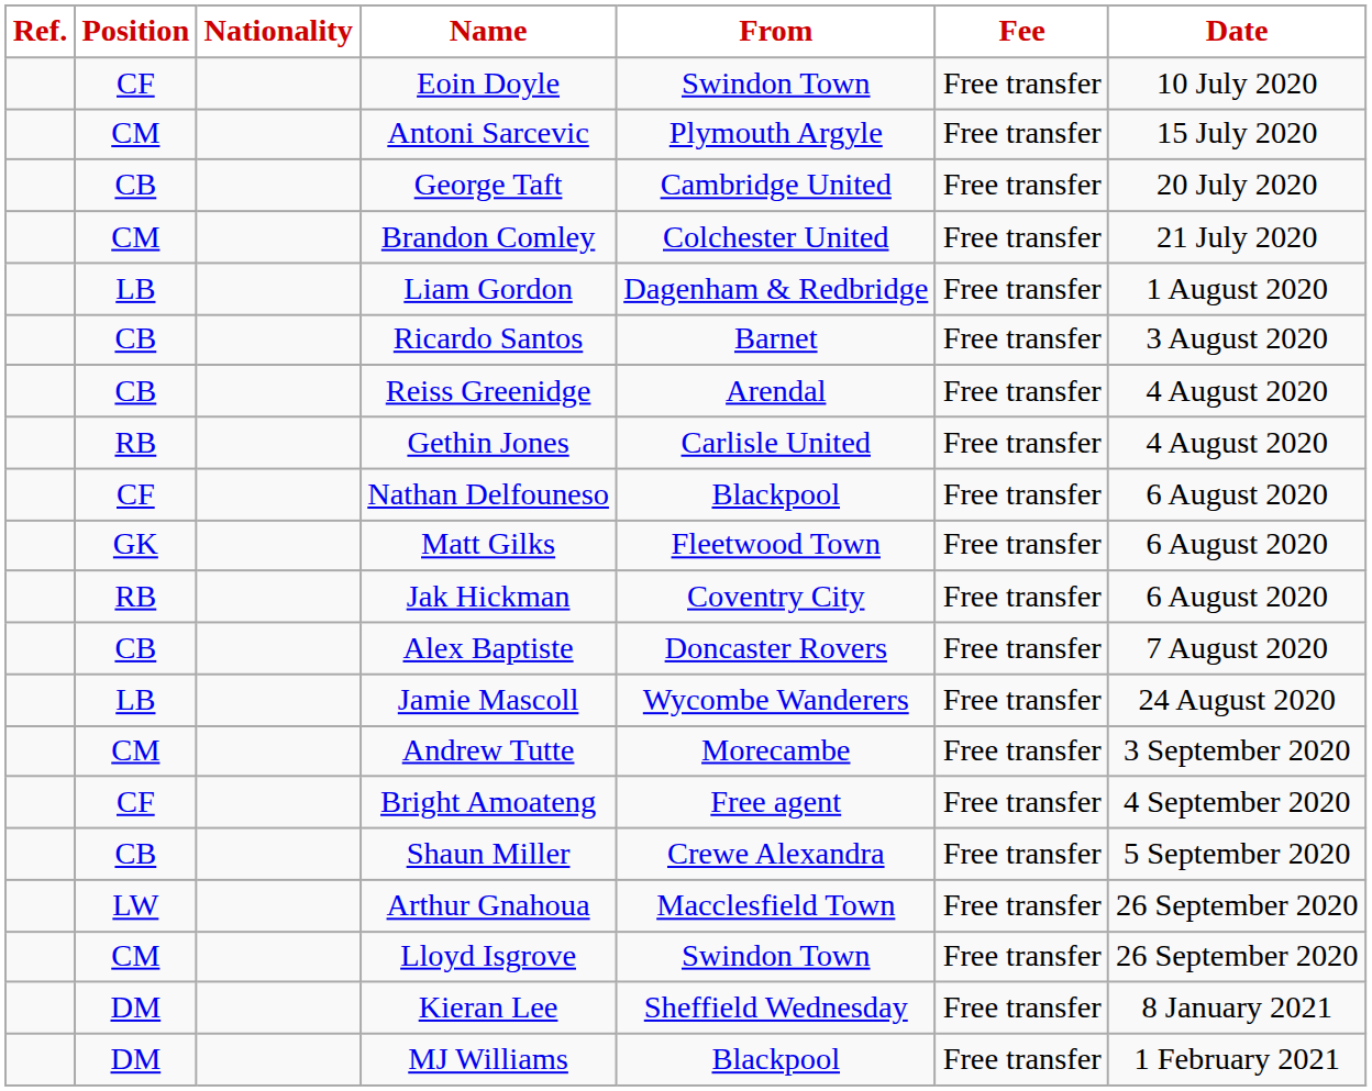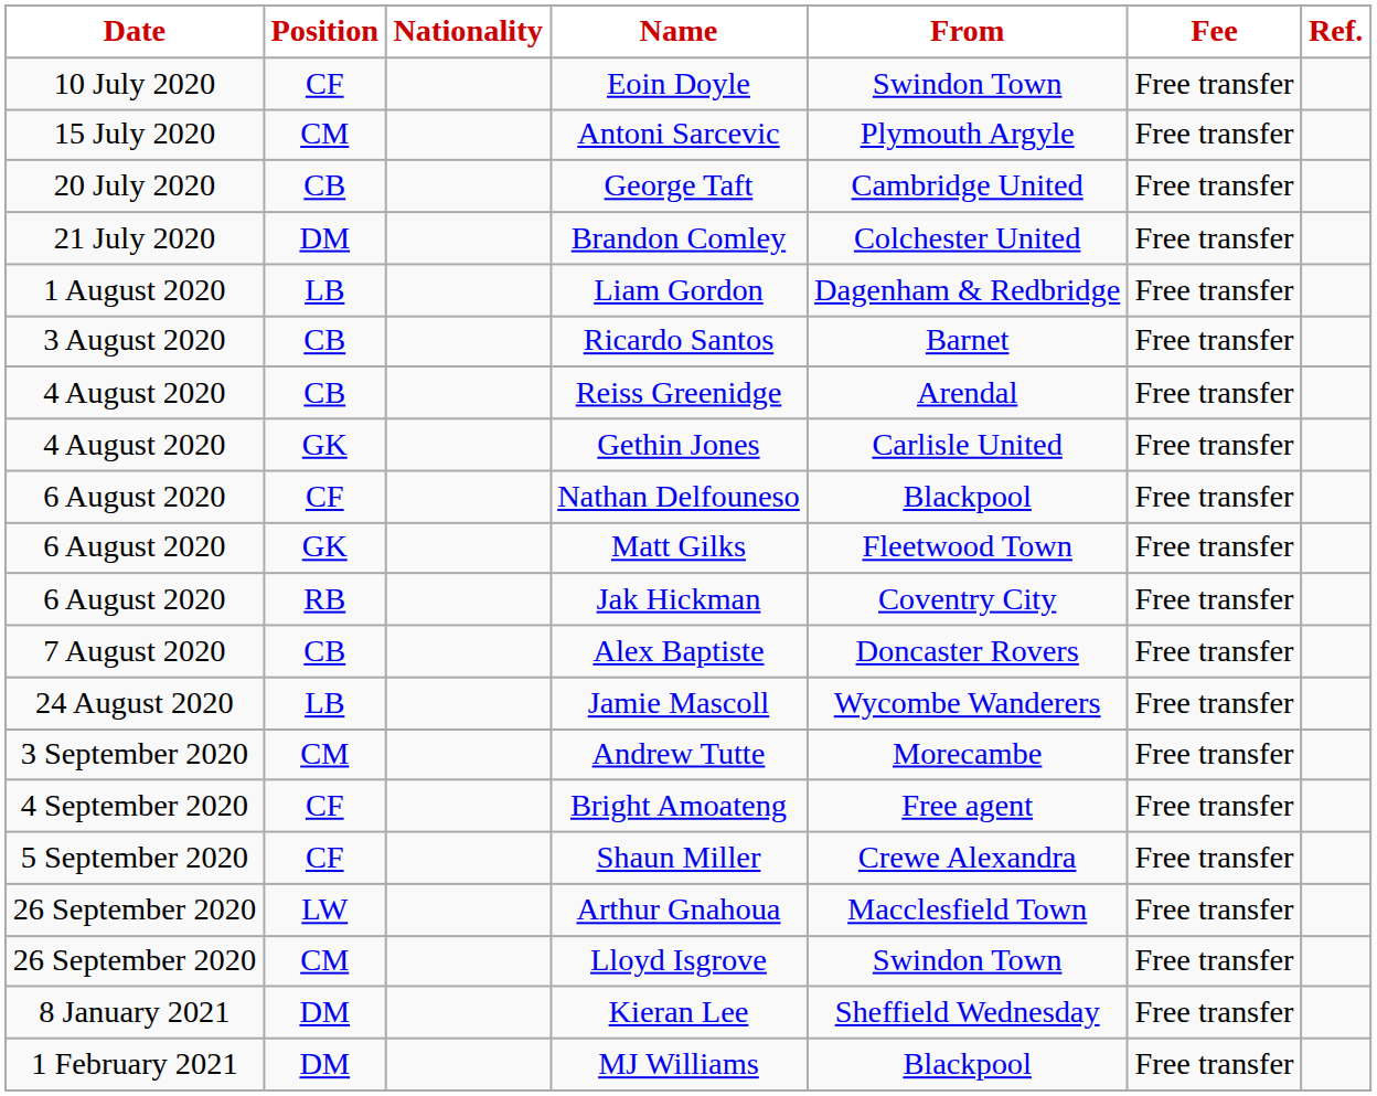 <table class="wikitable"  style="text-align:center; font-size:90%; ">
 <tr>
-<th style="background:#ffffff;color:#cc0000;">Ref.</th>
+<th style="background:#ffffff;color:#cc0000;">Date</th>
 <th style="background:#ffffff;color:#cc0000;">Position</th>
 <th style="background:#ffffff;color:#cc0000;">Nationality</th>
 <th style="background:#ffffff;color:#cc0000;">Name</th>
 <th style="background:#ffffff;color:#cc0000;">From</th>
 <th style="background:#ffffff;color:#cc0000;">Fee</th>
-<th style="background:#ffffff;color:#cc0000;">Date</th>
+<th style="background:#ffffff;color:#cc0000;">Ref.</th>
 </tr>
 <tr>
-<td></td>
+<td>10 July 2020</td>
 <td><a href='#'>CF</a></td>
 <td></td>
 <td><a href='#'>Eoin Doyle</a></td>
 <td> <a href='#'>Swindon Town</a></td>
 <td>Free transfer</td>
-<td>10 July 2020</td>
+<td></td>
 </tr>
 <tr>
-<td></td>
+<td>15 July 2020</td>
 <td><a href='#'>CM</a></td>
 <td></td>
 <td><a href='#'>Antoni Sarcevic</a></td>
 <td> <a href='#'>Plymouth Argyle</a></td>
 <td>Free transfer</td>
-<td>15 July 2020</td>
+<td></td>
 </tr>
 <tr>
-<td></td>
+<td>20 July 2020</td>
 <td><a href='#'>CB</a></td>
 <td></td>
 <td><a href='#'>George Taft</a></td>
 <td> <a href='#'>Cambridge United</a></td>
 <td>Free transfer</td>
-<td>20 July 2020</td>
+<td></td>
 </tr>
 <tr>
-<td></td>
-<td><a href='#'>CM</a></td>
+<td>21 July 2020</td>
+<td><a href='#'>DM</a></td>
 <td></td>
 <td><a href='#'>Brandon Comley</a></td>
 <td> <a href='#'>Colchester United</a></td>
 <td>Free transfer</td>
-<td>21 July 2020</td>
+<td></td>
 </tr>
 <tr>
-<td></td>
+<td>1 August 2020</td>
 <td><a href='#'>LB</a></td>
 <td></td>
 <td><a href='#'>Liam Gordon</a></td>
 <td> <a href='#'>Dagenham & Redbridge</a></td>
 <td>Free transfer</td>
-<td>1 August 2020</td>
+<td></td>
 </tr>
 <tr>
-<td></td>
+<td>3 August 2020</td>
 <td><a href='#'>CB</a></td>
 <td></td>
 <td><a href='#'>Ricardo Santos</a></td>
 <td> <a href='#'>Barnet</a></td>
 <td>Free transfer</td>
-<td>3 August 2020</td>
+<td></td>
 </tr>
 <tr>
-<td></td>
+<td>4 August 2020</td>
 <td><a href='#'>CB</a></td>
 <td></td>
 <td><a href='#'>Reiss Greenidge</a></td>
 <td> <a href='#'>Arendal</a></td>
 <td>Free transfer</td>
-<td>4 August 2020</td>
+<td></td>
 </tr>
 <tr>
-<td></td>
-<td><a href='#'>RB</a></td>
+<td>4 August 2020</td>
+<td><a href='#'>GK</a></td>
 <td></td>
 <td><a href='#'>Gethin Jones</a></td>
 <td> <a href='#'>Carlisle United</a></td>
 <td>Free transfer</td>
-<td>4 August 2020</td>
+<td></td>
 </tr>
 <tr>
-<td></td>
+<td>6 August 2020</td>
 <td><a href='#'>CF</a></td>
 <td></td>
 <td><a href='#'>Nathan Delfouneso</a></td>
 <td> <a href='#'>Blackpool</a></td>
 <td>Free transfer</td>
-<td>6 August 2020</td>
+<td></td>
 </tr>
 <tr>
-<td></td>
+<td>6 August 2020</td>
 <td><a href='#'>GK</a></td>
 <td></td>
 <td><a href='#'>Matt Gilks</a></td>
 <td> <a href='#'>Fleetwood Town</a></td>
 <td>Free transfer</td>
-<td>6 August 2020</td>
+<td></td>
 </tr>
 <tr>
-<td></td>
+<td>6 August 2020</td>
 <td><a href='#'>RB</a></td>
 <td></td>
 <td><a href='#'>Jak Hickman</a></td>
 <td> <a href='#'>Coventry City</a></td>
 <td>Free transfer</td>
-<td>6 August 2020</td>
+<td></td>
 </tr>
 <tr>
-<td></td>
+<td>7 August 2020</td>
 <td><a href='#'>CB</a></td>
 <td></td>
 <td><a href='#'>Alex Baptiste</a></td>
 <td> <a href='#'>Doncaster Rovers</a></td>
 <td>Free transfer</td>
-<td>7 August 2020</td>
+<td></td>
 </tr>
 <tr>
-<td></td>
+<td>24 August 2020</td>
 <td><a href='#'>LB</a></td>
 <td></td>
 <td><a href='#'>Jamie Mascoll</a></td>
 <td> <a href='#'>Wycombe Wanderers</a></td>
 <td>Free transfer</td>
-<td>24 August 2020</td>
+<td></td>
 </tr>
 <tr>
-<td></td>
+<td>3 September 2020</td>
 <td><a href='#'>CM</a></td>
 <td></td>
 <td><a href='#'>Andrew Tutte</a></td>
 <td> <a href='#'>Morecambe</a></td>
 <td>Free transfer</td>
-<td>3 September 2020</td>
+<td></td>
 </tr>
 <tr>
-<td></td>
+<td>4 September 2020</td>
 <td><a href='#'>CF</a></td>
 <td></td>
 <td><a href='#'>Bright Amoateng</a></td>
 <td><a href='#'>Free agent</a></td>
 <td>Free transfer</td>
-<td>4 September 2020</td>
+<td></td>
 </tr>
 <tr>
-<td></td>
-<td><a href='#'>CB</a></td>
+<td>5 September 2020</td>
+<td><a href='#'>CF</a></td>
 <td></td>
 <td><a href='#'>Shaun Miller</a></td>
 <td> <a href='#'>Crewe Alexandra</a></td>
 <td>Free transfer</td>
-<td>5 September 2020</td>
+<td></td>
 </tr>
 <tr>
-<td></td>
+<td>26 September 2020</td>
 <td><a href='#'>LW</a></td>
 <td></td>
 <td><a href='#'>Arthur Gnahoua</a></td>
 <td> <a href='#'>Macclesfield Town</a></td>
 <td>Free transfer</td>
-<td>26 September 2020</td>
+<td></td>
 </tr>
 <tr>
-<td></td>
+<td>26 September 2020</td>
 <td><a href='#'>CM</a></td>
 <td></td>
 <td><a href='#'>Lloyd Isgrove</a></td>
 <td> <a href='#'>Swindon Town</a></td>
 <td>Free transfer</td>
-<td>26 September 2020</td>
+<td></td>
 </tr>
 <tr>
-<td></td>
+<td>8 January 2021</td>
 <td><a href='#'>DM</a></td>
 <td></td>
 <td><a href='#'>Kieran Lee</a></td>
 <td> <a href='#'>Sheffield Wednesday</a></td>
 <td>Free transfer</td>
-<td>8 January 2021</td>
+<td></td>
 </tr>
 <tr>
-<td></td>
+<td>1 February 2021</td>
 <td><a href='#'>DM</a></td>
 <td></td>
 <td><a href='#'>MJ Williams</a></td>
 <td> <a href='#'>Blackpool</a></td>
 <td>Free transfer</td>
-<td>1 February 2021</td>
+<td></td>
 </tr>
 </table>
